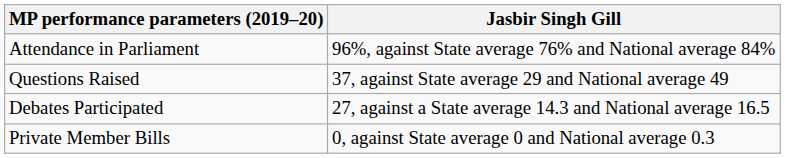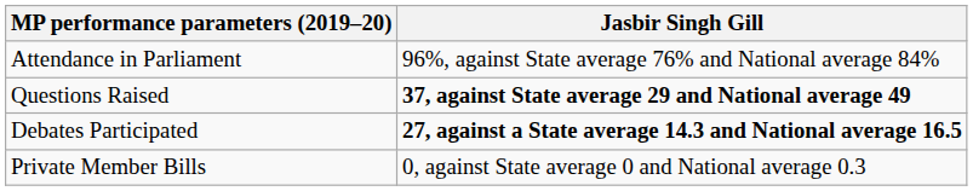 <table class="wikitable">
 <tr>
 <th><strong>MP performance parameters (2019–20)</strong></th>
 <th><strong>Jasbir Singh Gill</strong></th>
 </tr>
 <tr>
 <td>Attendance in Parliament</td>
 <td>96%, against State average 76% and National average 84%</td>
 </tr>
 <tr>
 <td>Questions Raised</td>
-<td>37, against State average 29 and National average 49</td>
+<td><strong>37, against State average 29 and National average 49</strong></td>
 </tr>
 <tr>
 <td>Debates Participated</td>
-<td>27, against a State average 14.3 and National average 16.5</td>
+<td><strong>27, against a State average 14.3 and National average 16.5</strong></td>
 </tr>
 <tr>
 <td>Private Member Bills</td>
 <td>0, against State average 0 and National average 0.3</td>
 </tr>
 </table>
